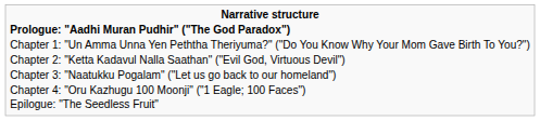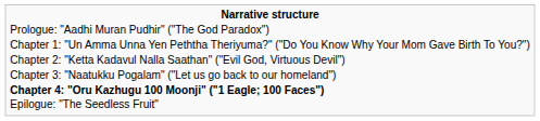 <table class="infobox">
 <tr>
 <th style="font-size:100%; text-align: center;">Narrative structure</th>
 </tr>
 <tr>
-<td><strong>Prologue: "Aadhi Muran Pudhir" ("The God Paradox")</strong></td>
+<td>Prologue: "Aadhi Muran Pudhir" ("The God Paradox")</td>
 </tr>
 <tr>
 <td>Chapter 1: "Un Amma Unna Yen Peththa Theriyuma?" ("Do You Know Why Your Mom Gave Birth To You?")</td>
 </tr>
 <tr>
 <td>Chapter 2: "Ketta Kadavul Nalla Saathan" ("Evil God, Virtuous Devil")</td>
 </tr>
 <tr>
 <td>Chapter 3: "Naatukku Pogalam" ("Let us go back to our homeland")</td>
 </tr>
 <tr>
-<td>Chapter 4: "Oru Kazhugu 100 Moonji" ("1 Eagle; 100 Faces")</td>
+<td><strong>Chapter 4: "Oru Kazhugu 100 Moonji" ("1 Eagle; 100 Faces")</strong></td>
 </tr>
 <tr>
 <td>Epilogue: "The Seedless Fruit"</td>
 </tr>
 </table>
